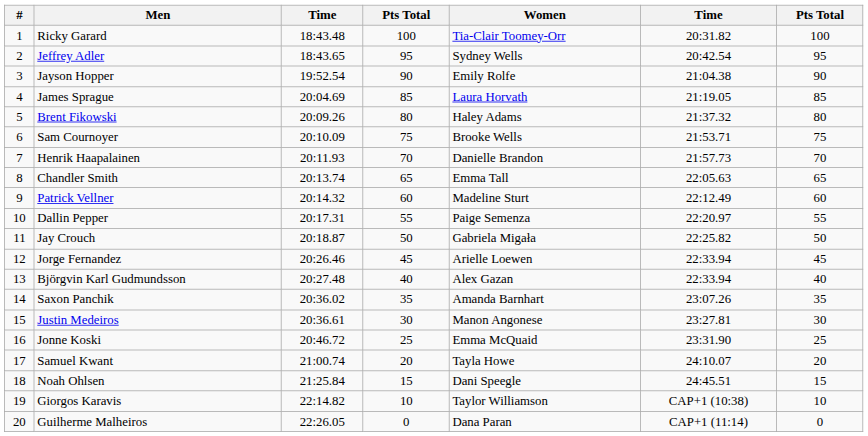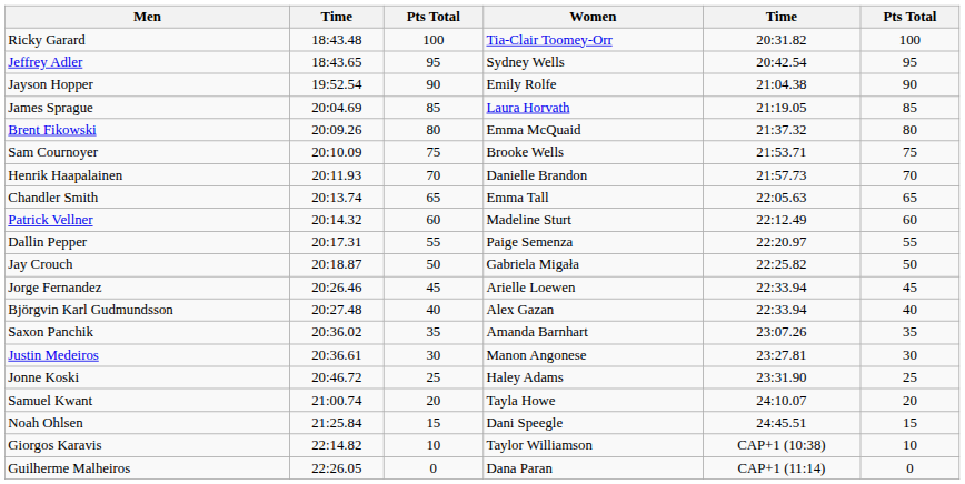 <table class="wikitable sortable" style="display: inline-table;width: 85%; text-align:center">
 <tr>
-<th>#</th>
 <th>Men</th>
 <th>Time</th>
 <th>Pts Total</th>
 <th>Women</th>
 <th>Time</th>
 <th>Pts Total</th>
 </tr>
 <tr>
-<td>1</td>
 <td align=left> Ricky Garard</td>
 <td>18:43.48</td>
 <td>100</td>
 <td align=left> <a href='#'>Tia-Clair Toomey-Orr</a></td>
 <td>20:31.82</td>
 <td>100</td>
 </tr>
 <tr>
-<td>2</td>
 <td align=left> <a href='#'>Jeffrey Adler</a></td>
 <td>18:43.65</td>
 <td>95</td>
 <td align=left> Sydney Wells</td>
 <td>20:42.54</td>
 <td>95</td>
 </tr>
 <tr>
-<td>3</td>
 <td align=left> Jayson Hopper</td>
 <td>19:52.54</td>
 <td>90</td>
 <td align=left> Emily Rolfe</td>
 <td>21:04.38</td>
 <td>90</td>
 </tr>
 <tr>
-<td>4</td>
 <td align=left> James Sprague</td>
 <td>20:04.69</td>
 <td>85</td>
 <td align=left> <a href='#'>Laura Horvath</a></td>
 <td>21:19.05</td>
 <td>85</td>
 </tr>
 <tr>
-<td>5</td>
 <td align=left> <a href='#'>Brent Fikowski</a></td>
 <td>20:09.26</td>
 <td>80</td>
-<td align=left> Haley Adams</td>
+<td align=left> Emma McQuaid</td>
 <td>21:37.32</td>
 <td>80</td>
 </tr>
 <tr>
-<td>6</td>
 <td align=left> Sam Cournoyer</td>
 <td>20:10.09</td>
 <td>75</td>
 <td align=left> Brooke Wells</td>
 <td>21:53.71</td>
 <td>75</td>
 </tr>
 <tr>
-<td>7</td>
 <td align=left> Henrik Haapalainen</td>
 <td>20:11.93</td>
 <td>70</td>
 <td align=left> Danielle Brandon</td>
 <td>21:57.73</td>
 <td>70</td>
 </tr>
 <tr>
-<td>8</td>
 <td align=left> Chandler Smith</td>
 <td>20:13.74</td>
 <td>65</td>
 <td align=left> Emma Tall</td>
 <td>22:05.63</td>
 <td>65</td>
 </tr>
 <tr>
-<td>9</td>
 <td align=left> <a href='#'>Patrick Vellner</a></td>
 <td>20:14.32</td>
 <td>60</td>
 <td align=left> Madeline Sturt</td>
 <td>22:12.49</td>
 <td>60</td>
 </tr>
 <tr>
-<td>10</td>
 <td align=left> Dallin Pepper</td>
 <td>20:17.31</td>
 <td>55</td>
 <td align=left> Paige Semenza</td>
 <td>22:20.97</td>
 <td>55</td>
 </tr>
 <tr>
-<td>11</td>
 <td align=left> Jay Crouch</td>
 <td>20:18.87</td>
 <td>50</td>
 <td align=left> Gabriela Migała</td>
 <td>22:25.82</td>
 <td>50</td>
 </tr>
 <tr>
-<td>12</td>
 <td align=left> Jorge Fernandez</td>
 <td>20:26.46</td>
 <td>45</td>
 <td align=left> Arielle Loewen</td>
 <td>22:33.94</td>
 <td>45</td>
 </tr>
 <tr>
-<td>13</td>
 <td align=left> Björgvin Karl Gudmundsson</td>
 <td>20:27.48</td>
 <td>40</td>
 <td align=left> Alex Gazan</td>
 <td>22:33.94</td>
 <td>40</td>
 </tr>
 <tr>
-<td>14</td>
 <td align=left> Saxon Panchik</td>
 <td>20:36.02</td>
 <td>35</td>
 <td align=left> Amanda Barnhart</td>
 <td>23:07.26</td>
 <td>35</td>
 </tr>
 <tr>
-<td>15</td>
 <td align=left> <a href='#'>Justin Medeiros</a></td>
 <td>20:36.61</td>
 <td>30</td>
 <td align=left> Manon Angonese</td>
 <td>23:27.81</td>
 <td>30</td>
 </tr>
 <tr>
-<td>16</td>
 <td align=left> Jonne Koski</td>
 <td>20:46.72</td>
 <td>25</td>
-<td align=left> Emma McQuaid</td>
+<td align=left> Haley Adams</td>
 <td>23:31.90</td>
 <td>25</td>
 </tr>
 <tr>
-<td>17</td>
 <td align=left> Samuel Kwant</td>
 <td>21:00.74</td>
 <td>20</td>
 <td align=left> Tayla Howe</td>
 <td>24:10.07</td>
 <td>20</td>
 </tr>
 <tr>
-<td>18</td>
 <td align=left> Noah Ohlsen</td>
 <td>21:25.84</td>
 <td>15</td>
 <td align=left> Dani Speegle</td>
 <td>24:45.51</td>
 <td>15</td>
 </tr>
 <tr>
-<td>19</td>
 <td align=left> Giorgos Karavis</td>
 <td>22:14.82</td>
 <td>10</td>
 <td align=left> Taylor Williamson</td>
 <td>CAP+1 (10:38)</td>
 <td>10</td>
 </tr>
 <tr>
-<td>20</td>
 <td align=left> Guilherme Malheiros</td>
 <td>22:26.05</td>
 <td>0</td>
 <td align=left> Dana Paran</td>
 <td>CAP+1 (11:14)</td>
 <td>0</td>
 </tr>
 </table>
